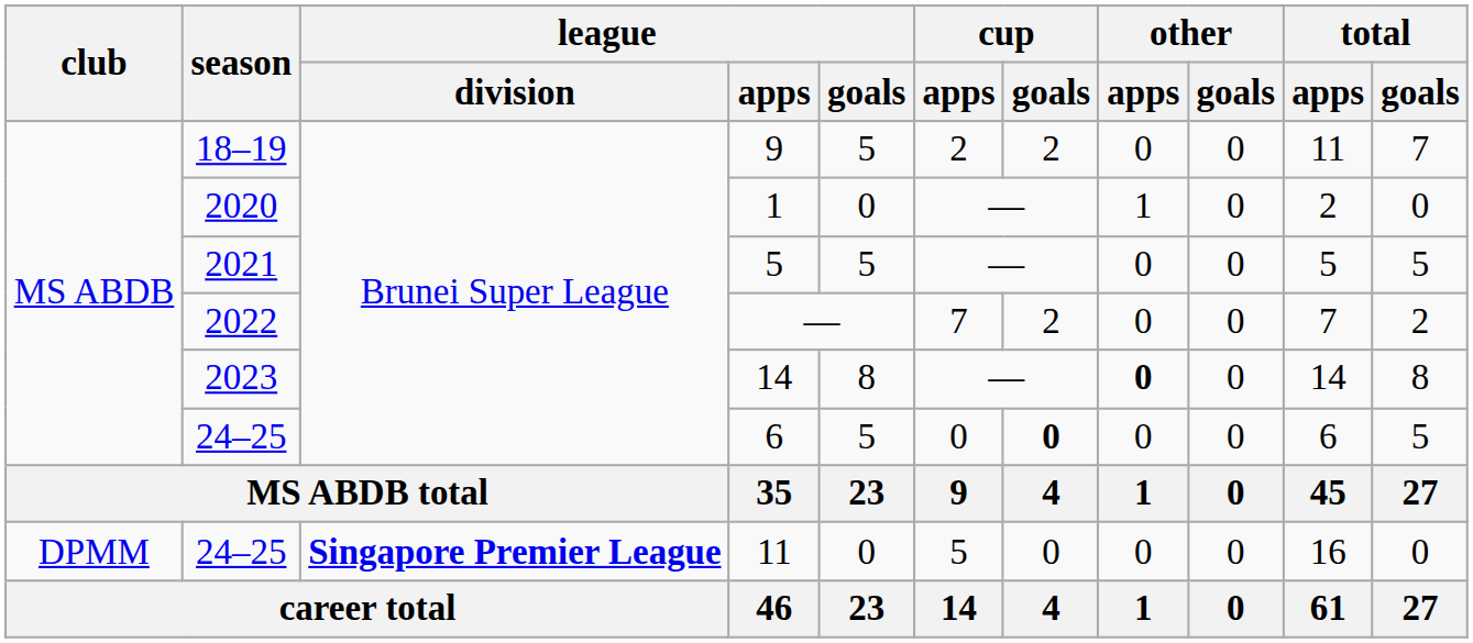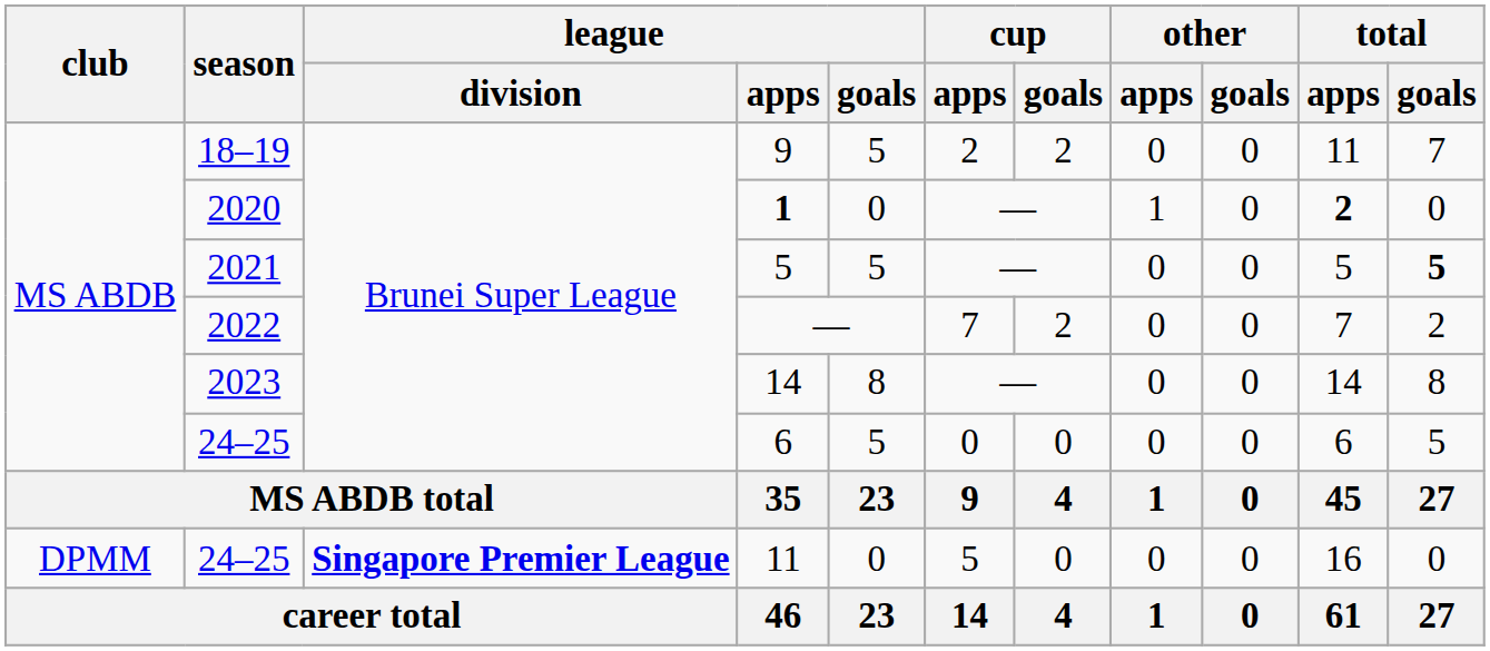 <table class="wikitable" style=text-align:center>
 <tr>
 <th rowspan=2>club</th>
 <th rowspan=2>season</th>
 <th colspan=3>league</th>
 <th colspan=2>cup</th>
 <th colspan=2>other</th>
 <th colspan=2>total</th>
 </tr>
 <tr>
 <th>division</th>
 <th>apps</th>
 <th>goals</th>
 <th>apps</th>
 <th>goals</th>
 <th>apps</th>
 <th>goals</th>
 <th>apps</th>
 <th>goals</th>
 </tr>
 <tr>
 <td rowspan=6><a href='#'>MS ABDB</a></td>
 <td><a href='#'>18–19</a></td>
 <td rowspan=6><a href='#'>Brunei Super League</a></td>
 <td>9</td>
 <td>5</td>
 <td>2</td>
 <td>2</td>
 <td>0</td>
 <td>0</td>
 <td>11</td>
 <td>7</td>
 </tr>
 <tr>
 <td><a href='#'>2020</a></td>
-<td>1</td>
+<td><strong>1</strong></td>
 <td>0</td>
 <td colspan=2>—</td>
 <td>1</td>
 <td>0</td>
-<td>2</td>
+<td><strong>2</strong></td>
 <td>0</td>
 </tr>
 <tr>
 <td><a href='#'>2021</a></td>
 <td>5</td>
 <td>5</td>
 <td colspan=2>—</td>
 <td>0</td>
 <td>0</td>
 <td>5</td>
-<td>5</td>
+<td><strong>5</strong></td>
 </tr>
 <tr>
 <td><a href='#'>2022</a></td>
 <td colspan=2>—</td>
 <td>7</td>
 <td>2</td>
 <td>0</td>
 <td>0</td>
 <td>7</td>
 <td>2</td>
 </tr>
 <tr>
 <td><a href='#'>2023</a></td>
 <td>14</td>
 <td>8</td>
 <td colspan=2>—</td>
-<td><strong>0</strong></td>
+<td>0</td>
 <td>0</td>
 <td>14</td>
 <td>8</td>
 </tr>
 <tr>
 <td><a href='#'>24–25</a></td>
 <td>6</td>
 <td>5</td>
 <td>0</td>
-<td><strong>0</strong></td>
+<td>0</td>
 <td>0</td>
 <td>0</td>
 <td>6</td>
 <td>5</td>
 </tr>
 <tr>
 <th colspan=3>MS ABDB total</th>
 <th>35</th>
 <th>23</th>
 <th>9</th>
 <th>4</th>
 <th>1</th>
 <th>0</th>
 <th>45</th>
 <th>27</th>
 </tr>
 <tr>
 <td><a href='#'>DPMM</a></td>
 <td><a href='#'>24–25</a></td>
 <td><strong><a href='#'>Singapore Premier League</a></strong></td>
 <td>11</td>
 <td>0</td>
 <td>5</td>
 <td>0</td>
 <td>0</td>
 <td>0</td>
 <td>16</td>
 <td>0</td>
 </tr>
 <tr>
 <th colspan=3>career total</th>
 <th>46</th>
 <th>23</th>
 <th>14</th>
 <th>4</th>
 <th>1</th>
 <th>0</th>
 <th>61</th>
 <th>27</th>
 </tr>
 </table>
